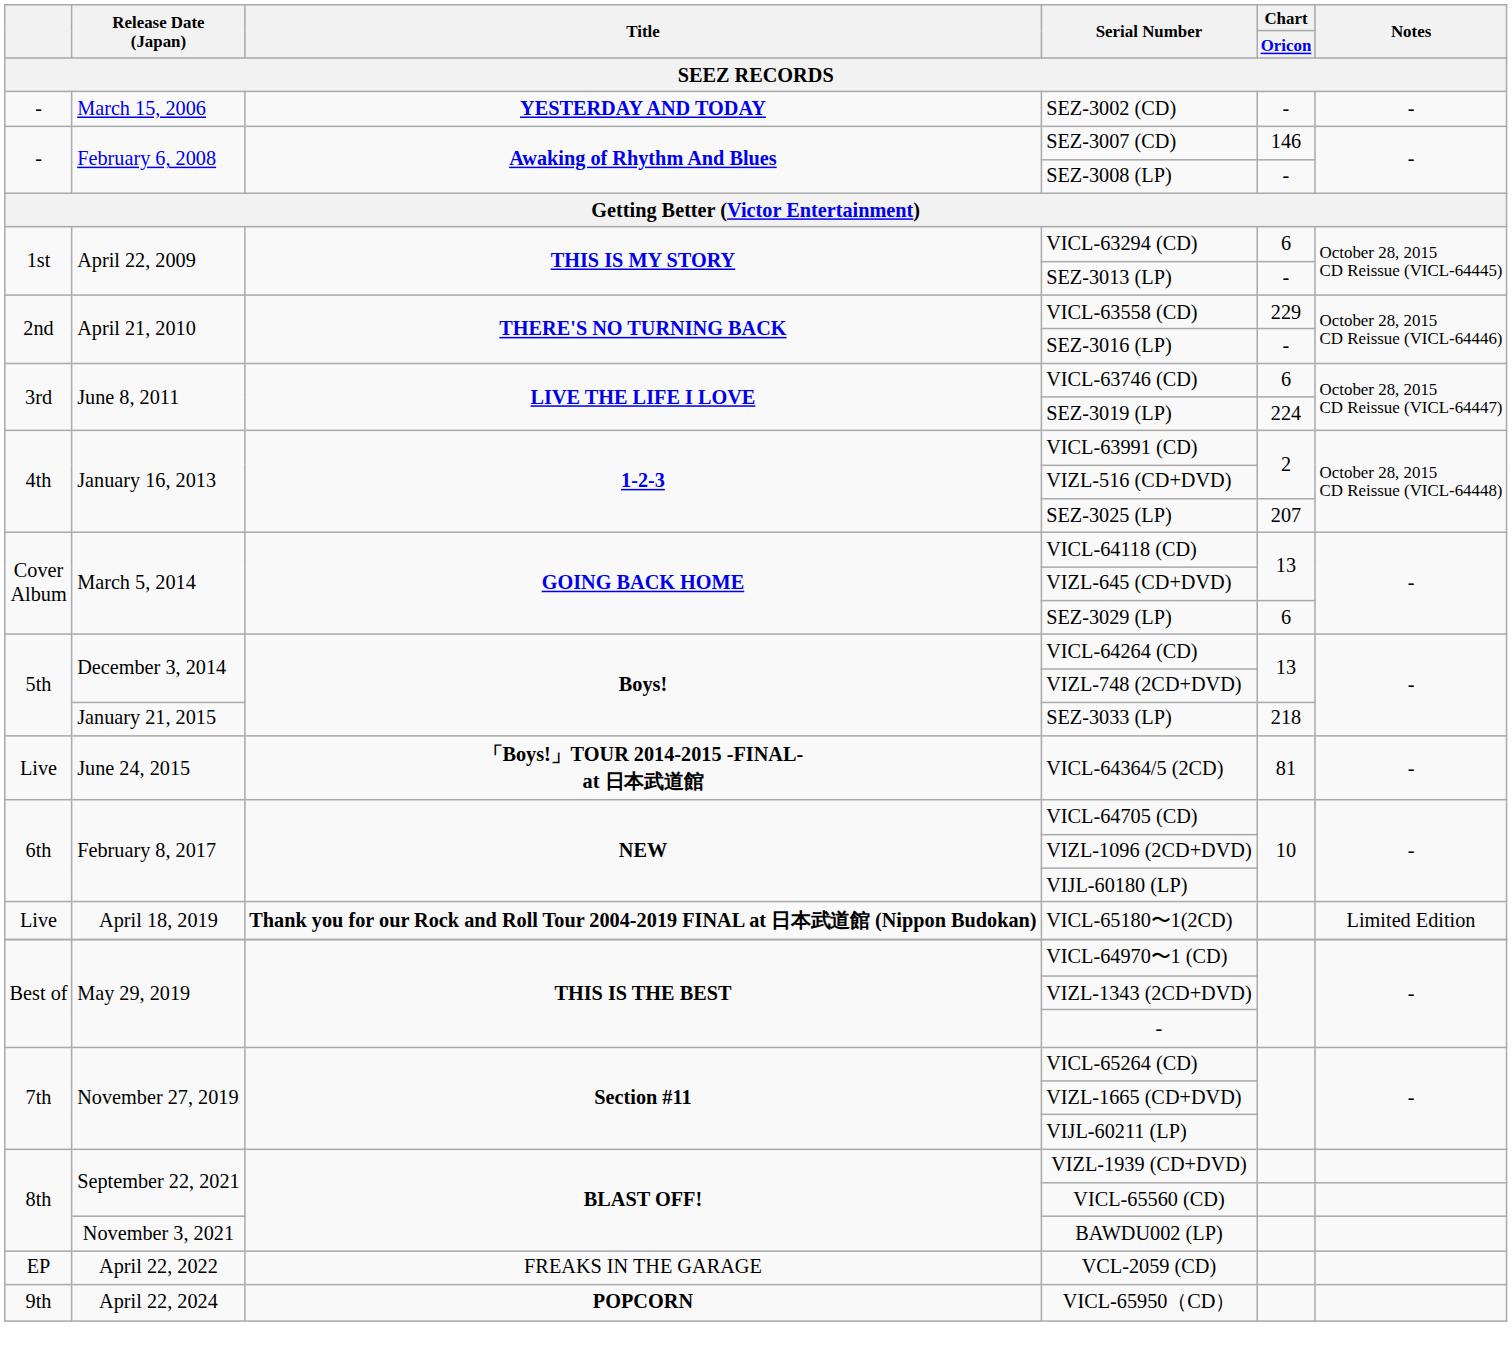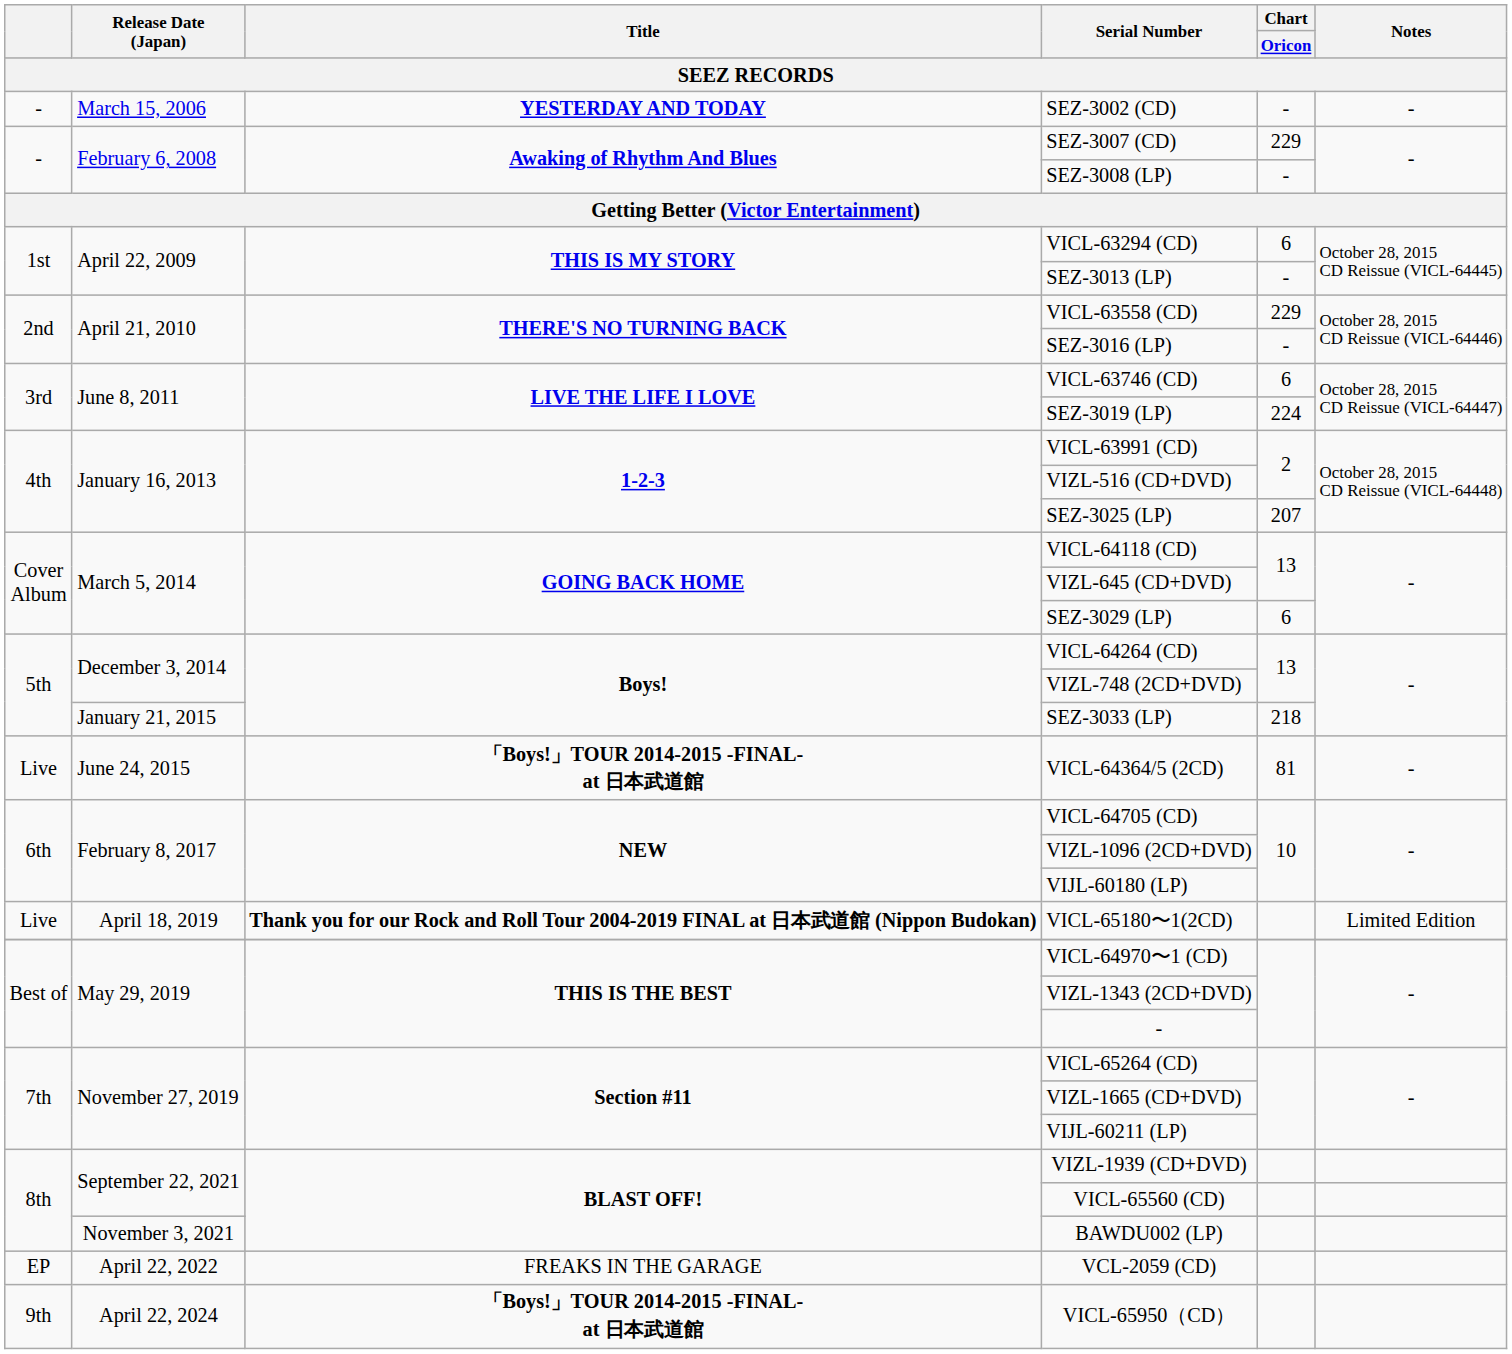 <table class="wikitable" style="text-align:center; font-size: smaller;">
 <tr>
 <th rowspan="2"> </th>
 <th rowspan="2" style="font-size: smaller;">Release Date<br>(Japan)</th>
 <th rowspan="2" style="font-size: smaller;">Title</th>
 <th rowspan="2" style="font-size: smaller;">Serial Number</th>
 <th style="font-size: smaller;">Chart</th>
 <th rowspan="2" style="font-size: smaller;">Notes</th>
 </tr>
 <tr>
 <th style="font-size: smaller;"><a href='#'>Oricon</a><br></th>
 </tr>
 <tr>
 <th colspan="6">SEEZ RECORDS</th>
 </tr>
 <tr>
 <td>-</td>
 <td style="text-align:left;"><a href='#'>March 15, 2006</a></td>
 <td><strong><a href='#'>YESTERDAY AND TODAY</a></strong></td>
 <td style="text-align:left;">SEZ-3002 (CD)</td>
 <td>-</td>
 <td>-</td>
 </tr>
 <tr>
 <td rowspan="2">-</td>
 <td rowspan="2" style="text-align:left;"><a href='#'>February 6, 2008</a></td>
 <td rowspan="2"><strong><a href='#'>Awaking of Rhythm And Blues</a></strong></td>
 <td style="text-align:left;">SEZ-3007 (CD)</td>
-<td>146</td>
+<td>229</td>
 <td rowspan="2">-</td>
 </tr>
 <tr>
 <td style="text-align:left;">SEZ-3008 (LP)</td>
 <td>-</td>
 </tr>
 <tr>
 <th colspan="6">Getting Better (<a href='#'>Victor Entertainment</a>)</th>
 </tr>
 <tr>
 <td rowspan="2">1st</td>
 <td rowspan="2" style="text-align:left;">April 22, 2009</td>
 <td rowspan="2"><strong><a href='#'>THIS IS MY STORY</a></strong></td>
 <td style="text-align:left;">VICL-63294 (CD)</td>
 <td>6</td>
 <td rowspan="2" style="font-size: smaller; text-align:left;">October 28, 2015<br>CD Reissue  (VICL-64445)</td>
 </tr>
 <tr>
 <td style="text-align:left;">SEZ-3013 (LP)</td>
 <td>-</td>
 </tr>
 <tr>
 <td rowspan="2">2nd</td>
 <td rowspan="2" style="text-align:left;">April 21, 2010</td>
 <td rowspan="2"><strong><a href='#'>THERE'S NO TURNING BACK</a></strong></td>
 <td style="text-align:left;">VICL-63558 (CD)</td>
 <td>229</td>
 <td rowspan="2" style="font-size: smaller; text-align:left;">October 28, 2015<br>CD Reissue  (VICL-64446)</td>
 </tr>
 <tr>
 <td style="text-align:left;">SEZ-3016 (LP)</td>
 <td>-</td>
 </tr>
 <tr>
 <td rowspan="2">3rd</td>
 <td rowspan="2" style="text-align:left;">June 8, 2011</td>
 <td rowspan="2"><strong><a href='#'>LIVE THE LIFE I LOVE</a></strong></td>
 <td style="text-align:left;">VICL-63746 (CD)</td>
 <td>6</td>
 <td rowspan="2" style="font-size: smaller; text-align:left;">October 28, 2015<br>CD Reissue  (VICL-64447)</td>
 </tr>
 <tr>
 <td style="text-align:left;">SEZ-3019 (LP)</td>
 <td>224</td>
 </tr>
 <tr>
 <td rowspan="3">4th</td>
 <td rowspan="3" style="text-align:left;">January 16, 2013</td>
 <td rowspan="3"><strong><a href='#'>1-2-3</a></strong></td>
 <td style="text-align:left;">VICL-63991 (CD)</td>
 <td rowspan="2">2</td>
 <td rowspan="3" style="font-size: smaller; text-align:left;">October 28, 2015<br>CD Reissue (VICL-64448)</td>
 </tr>
 <tr>
 <td style="text-align:left;">VIZL-516 (CD+DVD)</td>
 </tr>
 <tr>
 <td style="text-align:left;">SEZ-3025 (LP)</td>
 <td>207</td>
 </tr>
 <tr>
 <td rowspan="3">Cover<br>Album</td>
 <td rowspan="3" style="text-align:left;">March 5, 2014</td>
 <td rowspan="3"><strong><a href='#'>GOING BACK HOME</a></strong></td>
 <td style="text-align:left;">VICL-64118 (CD)</td>
 <td rowspan="2">13</td>
 <td rowspan="3">-</td>
 </tr>
 <tr>
 <td style="text-align:left;">VIZL-645 (CD+DVD)</td>
 </tr>
 <tr>
 <td style="text-align:left;">SEZ-3029 (LP)</td>
 <td>6</td>
 </tr>
 <tr>
 <td rowspan="3">5th</td>
 <td rowspan="2" style="text-align:left;">December 3, 2014</td>
 <td rowspan="3"><strong>Boys!</strong></td>
 <td style="text-align:left;">VICL-64264 (CD)</td>
 <td rowspan="2">13</td>
 <td rowspan="3">-</td>
 </tr>
 <tr>
 <td style="text-align:left;">VIZL-748 (2CD+DVD)</td>
 </tr>
 <tr>
 <td style="text-align:left;">January 21, 2015</td>
 <td style="text-align:left;">SEZ-3033 (LP)</td>
 <td>218</td>
 </tr>
 <tr>
 <td>Live</td>
 <td style="text-align:left;">June 24, 2015</td>
 <td><strong>「Boys!」TOUR 2014-2015 -FINAL-</strong><br><strong>at 日本武道館</strong></td>
 <td style="text-align:left;">VICL-64364/5 (2CD)</td>
 <td>81</td>
 <td>-</td>
 </tr>
 <tr>
 <td rowspan="3">6th</td>
 <td rowspan="3" style="text-align:left;">February 8, 2017</td>
 <td rowspan="3"><strong>NEW</strong></td>
 <td style="text-align:left;">VICL-64705 (CD)</td>
 <td rowspan="3">10</td>
 <td rowspan="3">-</td>
 </tr>
 <tr>
 <td style="text-align:left;">VIZL-1096 (2CD+DVD)</td>
 </tr>
 <tr>
 <td style="text-align:left;">VIJL-60180 (LP)</td>
 </tr>
 <tr>
 <td>Live</td>
 <td>April 18, 2019</td>
 <td><strong>Thank you for our Rock and Roll Tour 2004-2019 FINAL at 日本武道館 (Nippon Budokan)</strong></td>
 <td style="text-align:left;">VICL-65180〜1(2CD)</td>
 <td></td>
 <td>Limited Edition</td>
 </tr>
 <tr>
 </tr>
 <tr>
 </tr>
 <tr>
 <td rowspan="3">Best of</td>
 <td rowspan="3" style="text-align:left;">May 29, 2019</td>
 <td rowspan="3"><strong>THIS IS THE BEST</strong></td>
 <td style="text-align:left;">VICL-64970〜1 (CD)</td>
 <td rowspan="3"></td>
 <td rowspan="3">-</td>
 </tr>
 <tr>
 <td style="text-align:left;">VIZL-1343 (2CD+DVD)</td>
 </tr>
 <tr>
 <td>　-</td>
 </tr>
 <tr>
 <td rowspan="3">7th</td>
 <td rowspan="3" style="text-align:left;">November 27, 2019</td>
 <td rowspan="3"><strong>Section #11</strong></td>
 <td style="text-align:left;">VICL-65264 (CD)</td>
 <td rowspan="3"></td>
 <td rowspan="3">-</td>
 </tr>
 <tr>
 <td style="text-align:left;">VIZL-1665 (CD+DVD)</td>
 </tr>
 <tr>
 <td style="text-align:left;">VIJL-60211 (LP)</td>
 </tr>
 <tr>
 <td rowspan="3">8th</td>
 <td rowspan="2">September 22, 2021</td>
 <td rowspan="3"><strong>BLAST OFF!</strong></td>
 <td>VIZL-1939 (CD+DVD)</td>
 <td></td>
 <td></td>
 </tr>
 <tr>
 <td>VICL-65560 (CD)</td>
 <td></td>
 <td></td>
 </tr>
 <tr>
 <td>November 3, 2021</td>
 <td>BAWDU002  (LP)</td>
 <td></td>
 <td></td>
 </tr>
 <tr>
 <td>EP</td>
 <td>April 22, 2022</td>
 <td>FREAKS IN THE GARAGE</td>
 <td>VCL-2059 (CD)</td>
 <td></td>
 <td></td>
 </tr>
 <tr>
 <td>9th</td>
 <td>April 22, 2024</td>
-<td><strong>POPCORN</strong></td>
+<td><strong>「Boys!」TOUR 2014-2015 -FINAL-</strong><br><strong>at 日本武道館</strong></td>
 <td>VICL-65950（CD）</td>
 <td></td>
 <td></td>
 </tr>
 </table>
